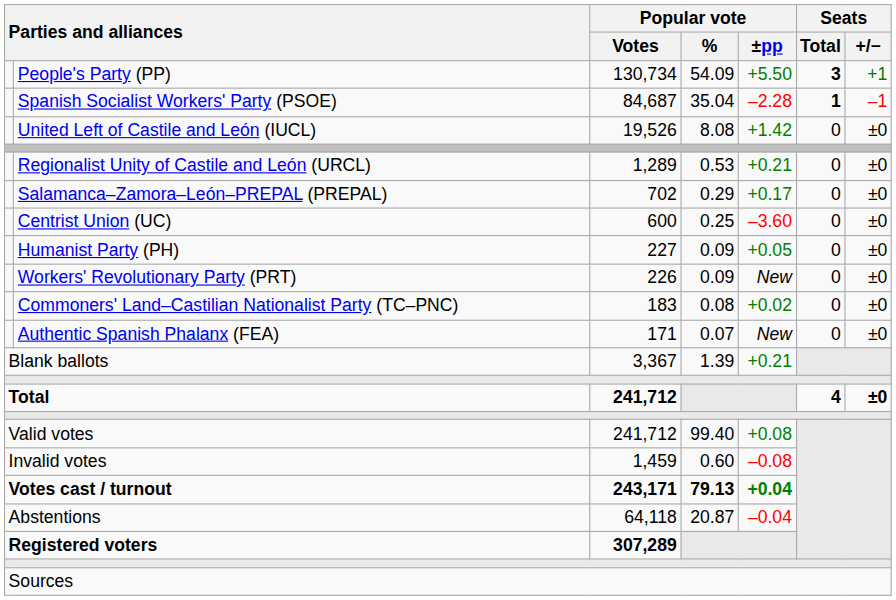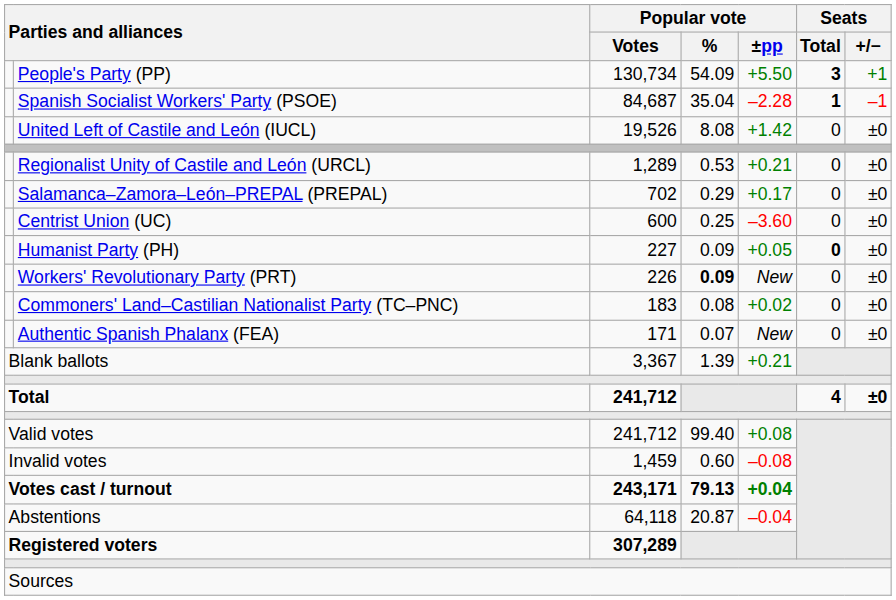 <table class="wikitable" style="text-align:right;">
 <tr>
 <th style="text-align:left;" rowspan="2" colspan="2" width="525">Parties and alliances</th>
 <th colspan="3">Popular vote</th>
 <th colspan="2">Seats</th>
 </tr>
 <tr>
 <th width="75">Votes</th>
 <th width="45">%</th>
 <th width="45">±<a href='#'>pp</a></th>
 <th width="35">Total</th>
 <th width="35">+/−</th>
 </tr>
 <tr>
 <td width="1" style="color:inherit;background:"></td>
 <td align="left"><a href='#'>People's Party</a> (PP)</td>
 <td>130,734</td>
 <td>54.09</td>
 <td style="color:green;">+5.50</td>
 <td><strong>3</strong></td>
 <td style="color:green;">+1</td>
 </tr>
 <tr>
 <td style="color:inherit;background:"></td>
 <td align="left"><a href='#'>Spanish Socialist Workers' Party</a> (PSOE)</td>
 <td>84,687</td>
 <td>35.04</td>
 <td style="color:red;">–2.28</td>
 <td><strong>1</strong></td>
 <td style="color:red;">–1</td>
 </tr>
 <tr>
 <td style="color:inherit;background:"></td>
 <td align="left"><a href='#'>United Left of Castile and León</a> (IUCL)</td>
 <td>19,526</td>
 <td>8.08</td>
 <td style="color:green;">+1.42</td>
 <td>0</td>
 <td>±0</td>
 </tr>
 <tr>
 <td colspan="7" bgcolor="#C0C0C0"></td>
 </tr>
 <tr>
 <td style="color:inherit;background:"></td>
 <td align="left"><a href='#'>Regionalist Unity of Castile and León</a> (URCL)</td>
 <td>1,289</td>
 <td>0.53</td>
 <td style="color:green;">+0.21</td>
 <td>0</td>
 <td>±0</td>
 </tr>
 <tr>
 <td style="color:inherit;background:"></td>
 <td align="left"><a href='#'>Salamanca–Zamora–León–PREPAL</a> (PREPAL)</td>
 <td>702</td>
 <td>0.29</td>
 <td style="color:green;">+0.17</td>
 <td>0</td>
 <td>±0</td>
 </tr>
 <tr>
 <td style="color:inherit;background:"></td>
 <td align="left"><a href='#'>Centrist Union</a> (UC)</td>
 <td>600</td>
 <td>0.25</td>
 <td style="color:red;">–3.60</td>
 <td>0</td>
 <td>±0</td>
 </tr>
 <tr>
 <td style="color:inherit;background:"></td>
 <td align="left"><a href='#'>Humanist Party</a> (PH)</td>
 <td>227</td>
 <td>0.09</td>
 <td style="color:green;">+0.05</td>
-<td>0</td>
+<td><strong>0</strong></td>
 <td>±0</td>
 </tr>
 <tr>
 <td style="color:inherit;background:"></td>
 <td align="left"><a href='#'>Workers' Revolutionary Party</a> (PRT)</td>
 <td>226</td>
-<td>0.09</td>
+<td><strong>0.09</strong></td>
 <td><em>New</em></td>
 <td>0</td>
 <td>±0</td>
 </tr>
 <tr>
 <td style="color:inherit;background:"></td>
 <td align="left"><a href='#'>Commoners' Land–Castilian Nationalist Party</a> (TC–PNC)</td>
 <td>183</td>
 <td>0.08</td>
 <td style="color:green;">+0.02</td>
 <td>0</td>
 <td>±0</td>
 </tr>
 <tr>
 <td style="color:inherit;background:"></td>
 <td align="left"><a href='#'>Authentic Spanish Phalanx</a> (FEA)</td>
 <td>171</td>
 <td>0.07</td>
 <td><em>New</em></td>
 <td>0</td>
 <td>±0</td>
 </tr>
 <tr>
 <td align="left" colspan="2">Blank ballots</td>
 <td>3,367</td>
 <td>1.39</td>
 <td style="color:green;">+0.21</td>
 <td bgcolor="#E9E9E9" colspan="2"></td>
 </tr>
 <tr>
 <td colspan="7" bgcolor="#E9E9E9"></td>
 </tr>
 <tr style="font-weight:bold;">
 <td align="left" colspan="2">Total</td>
 <td>241,712</td>
 <td bgcolor="#E9E9E9" colspan="2"></td>
 <td>4</td>
 <td>±0</td>
 </tr>
 <tr>
 <td colspan="7" bgcolor="#E9E9E9"></td>
 </tr>
 <tr>
 <td align="left" colspan="2">Valid votes</td>
 <td>241,712</td>
 <td>99.40</td>
 <td style="color:green;">+0.08</td>
 <td bgcolor="#E9E9E9" colspan="2" rowspan="5"></td>
 </tr>
 <tr>
 <td align="left" colspan="2">Invalid votes</td>
 <td>1,459</td>
 <td>0.60</td>
 <td style="color:red;">–0.08</td>
 </tr>
 <tr style="font-weight:bold;">
 <td align="left" colspan="2">Votes cast / turnout</td>
 <td>243,171</td>
 <td>79.13</td>
 <td style="color:green;">+0.04</td>
 </tr>
 <tr>
 <td align="left" colspan="2">Abstentions</td>
 <td>64,118</td>
 <td>20.87</td>
 <td style="color:red;">–0.04</td>
 </tr>
 <tr style="font-weight:bold;">
 <td align="left" colspan="2">Registered voters</td>
 <td>307,289</td>
 <td bgcolor="#E9E9E9" colspan="2"></td>
 </tr>
 <tr>
 <td colspan="7" bgcolor="#E9E9E9"></td>
 </tr>
 <tr>
 <td align="left" colspan="7">Sources</td>
 </tr>
 </table>
